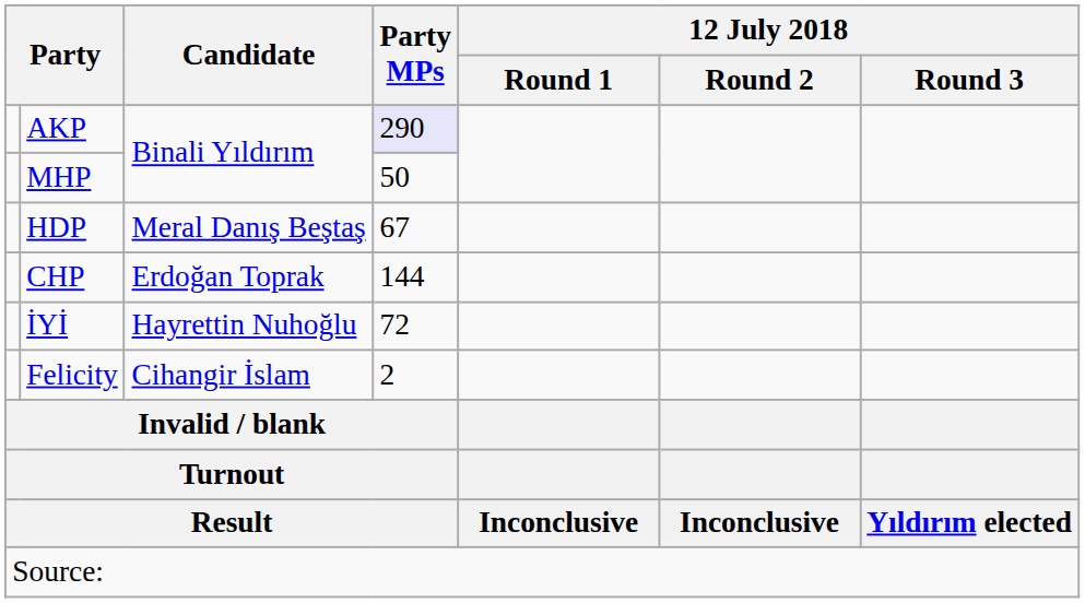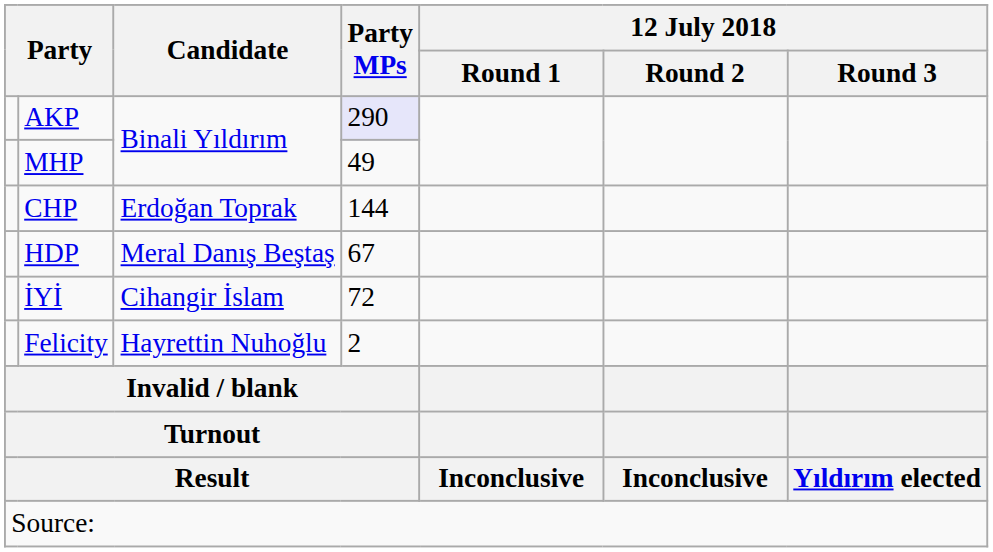 <table class=wikitable style="font-size:90%;">
 <tr>
 <th rowspan="2" colspan="2">Party</th>
 <th rowspan="2">Candidate</th>
 <th rowspan="2">Party<br><a href='#'>MPs</a></th>
 <th colspan="3">12 July 2018</th>
 </tr>
 <tr>
 <th width="90px">Round 1<br></th>
 <th width="90px">Round 2<br></th>
 <th width="90px">Round 3<br></th>
 </tr>
 <tr>
 <td style="background: "></td>
 <td><a href='#'>AKP</a></td>
 <td rowspan=2><a href='#'>Binali Yıldırım</a></td>
 <td style="background: lavender;">290</td>
 <td rowspan=2></td>
 <td rowspan=2></td>
 <td rowspan=2></td>
 </tr>
 <tr>
 <td style="background: "></td>
 <td><a href='#'>MHP</a></td>
-<td>50</td>
+<td>49</td>
+</tr>
+<tr>
+<td style="background: "></td>
+<td><a href='#'>CHP</a></td>
+<td><a href='#'>Erdoğan Toprak</a></td>
+<td>144</td>
+<td></td>
+<td></td>
+<td></td>
 </tr>
 <tr>
 <td style="background: "></td>
 <td><a href='#'>HDP</a></td>
 <td><a href='#'>Meral Danış Beştaş</a></td>
 <td>67</td>
 <td></td>
 <td></td>
 <td></td>
 </tr>
 <tr>
 <td style="background: "></td>
-<td><a href='#'>CHP</a></td>
-<td><a href='#'>Erdoğan Toprak</a></td>
-<td>144</td>
-<td></td>
-<td></td>
-<td></td>
-</tr>
-<tr>
-<td style="background: "></td>
 <td><a href='#'>İYİ</a></td>
-<td><a href='#'>Hayrettin Nuhoğlu</a></td>
+<td><a href='#'>Cihangir İslam</a></td>
 <td>72</td>
 <td></td>
 <td></td>
 <td></td>
 </tr>
 <tr>
 <td style="background: "></td>
 <td><a href='#'>Felicity</a></td>
-<td><a href='#'>Cihangir İslam</a></td>
+<td><a href='#'>Hayrettin Nuhoğlu</a></td>
 <td>2</td>
 <td></td>
 <td></td>
 <td></td>
 </tr>
 <tr>
 <th colspan="4">Invalid / blank</th>
 <th></th>
 <th></th>
 <th></th>
 </tr>
 <tr>
 <th colspan="4"><strong>Turnout</strong></th>
 <th></th>
 <th></th>
 <th></th>
 </tr>
 <tr>
 <th colspan="4"><strong>Result</strong></th>
 <th>Inconclusive</th>
 <th>Inconclusive</th>
 <th><a href='#'>Yıldırım</a> elected</th>
 </tr>
 <tr>
 <td colspan="7">Source: </td>
 </tr>
 </table>
